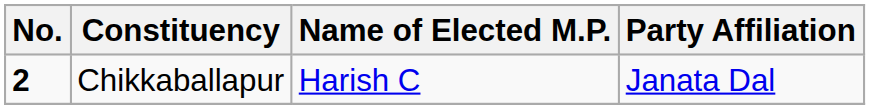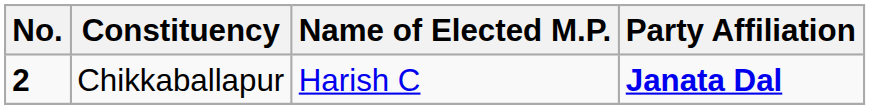 <table class="wikitable" style="font-size:95%;">
 <tr>
 <th>No.</th>
 <th>Constituency</th>
 <th>Name of Elected M.P.</th>
 <th>Party Affiliation</th>
 </tr>
 <tr>
 <td><strong>2</strong></td>
 <td>Chikkaballapur</td>
 <td><a href='#'>Harish C</a></td>
-<td><a href='#'>Janata Dal</a></td>
+<td><strong><a href='#'>Janata Dal</a></strong></td>
 </tr>
 <tr>
 </tr>
 </table>
